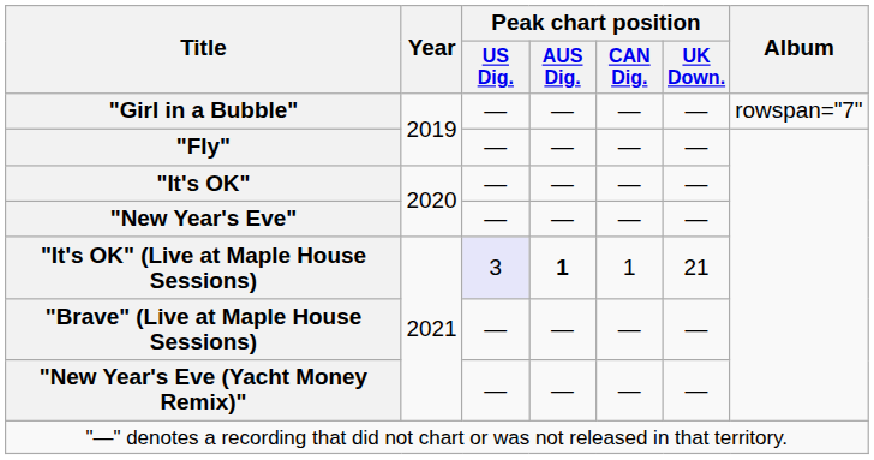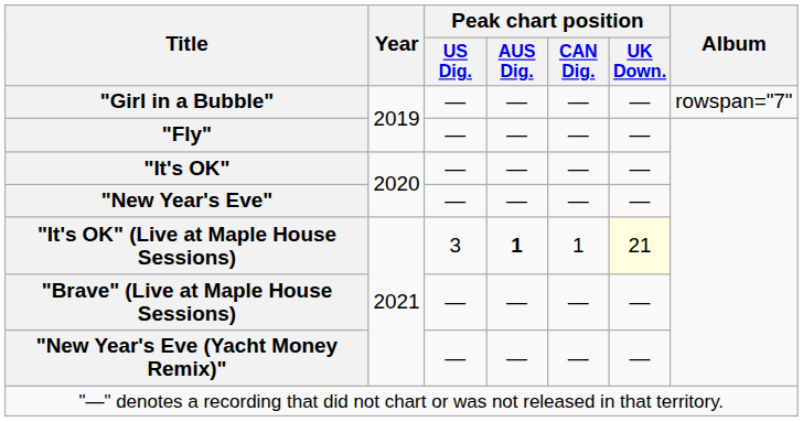 <table class="wikitable plainrowheaders" style="text-align:center;">
 <tr>
 <th scope="col" rowspan="2" style="width:17em;">Title</th>
 <th scope="col" rowspan="2" style="width:1em;">Year</th>
 <th scope="col" colspan="4">Peak chart position</th>
 <th scope="col" rowspan="2">Album</th>
 </tr>
 <tr>
 <th scope="col" style="width:3em;font-size:85%;"><a href='#'>US<br>Dig.</a><br></th>
 <th scope="col" style="width:3em;font-size:85%;"><a href='#'>AUS<br>Dig.</a><br></th>
 <th scope="col" style="width:3em;font-size:85%;"><a href='#'>CAN<br>Dig.</a><br></th>
 <th scope="col" style="width:3em;font-size:85%;"><a href='#'>UK Down.</a><br></th>
 </tr>
 <tr>
 <th scope="row">"Girl in a Bubble"</th>
 <td rowspan="2">2019</td>
 <td>—</td>
 <td>—</td>
 <td>—</td>
 <td>—</td>
 <td>rowspan="7" </td>
 </tr>
 <tr>
 <th scope="row">"Fly"</th>
 <td>—</td>
 <td>—</td>
 <td>—</td>
 <td>—</td>
 </tr>
 <tr>
 <th scope="row">"It's OK"</th>
 <td rowspan="2">2020</td>
 <td>—</td>
 <td>—</td>
 <td>—</td>
 <td>—</td>
 </tr>
 <tr>
 <th scope="row">"New Year's Eve"</th>
 <td>—</td>
 <td>—</td>
 <td>—</td>
 <td>—</td>
 </tr>
 <tr>
 <th scope="row">"It's OK" (Live at Maple House Sessions)</th>
 <td rowspan="3">2021</td>
-<td style="background: lavender;">3</td>
+<td>3</td>
 <td><strong>1</strong></td>
 <td>1</td>
-<td>21</td>
+<td style="background: lightyellow;">21</td>
 </tr>
 <tr>
 <th scope="row">"Brave" (Live at Maple House Sessions)</th>
 <td>—</td>
 <td>—</td>
 <td>—</td>
 <td>—</td>
 </tr>
 <tr>
 <th scope="row">"New Year's Eve (Yacht Money Remix)"</th>
 <td>—</td>
 <td>—</td>
 <td>—</td>
 <td>—</td>
 </tr>
 <tr>
 <td colspan="7" style="font-size:90%">"—" denotes a recording that did not chart or was not released in that territory.</td>
 </tr>
 </table>
